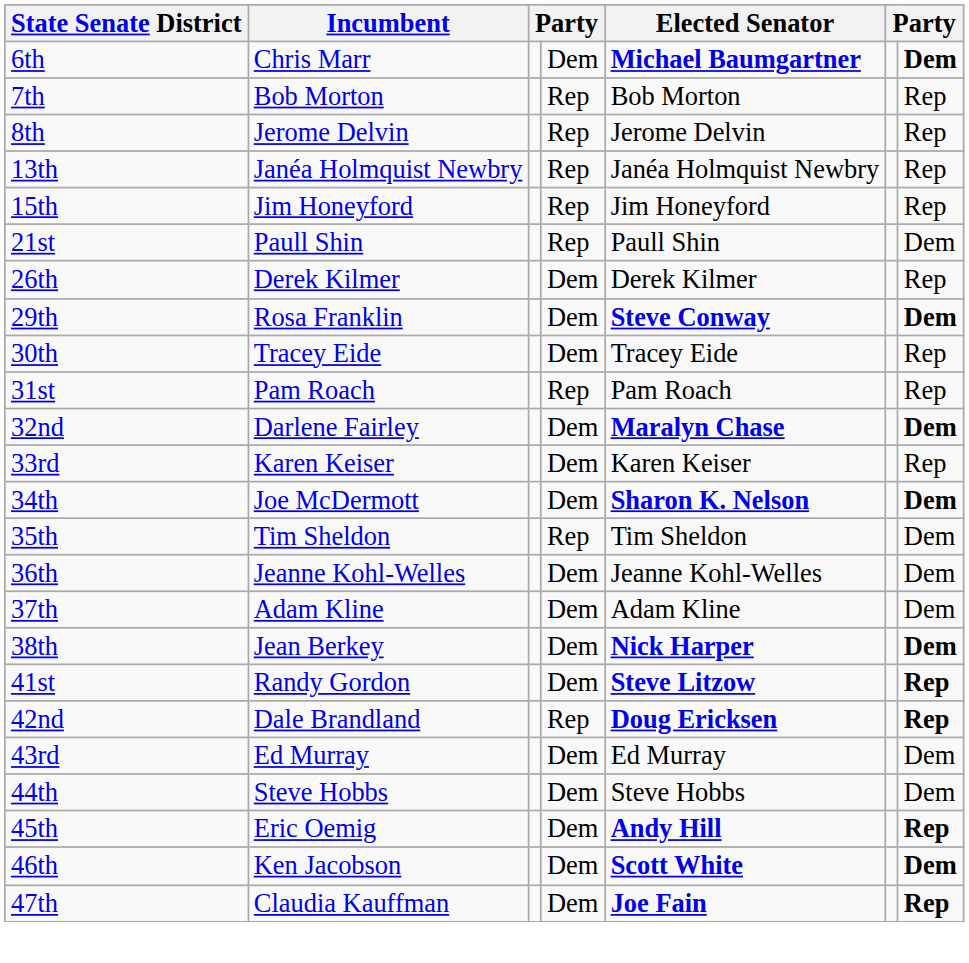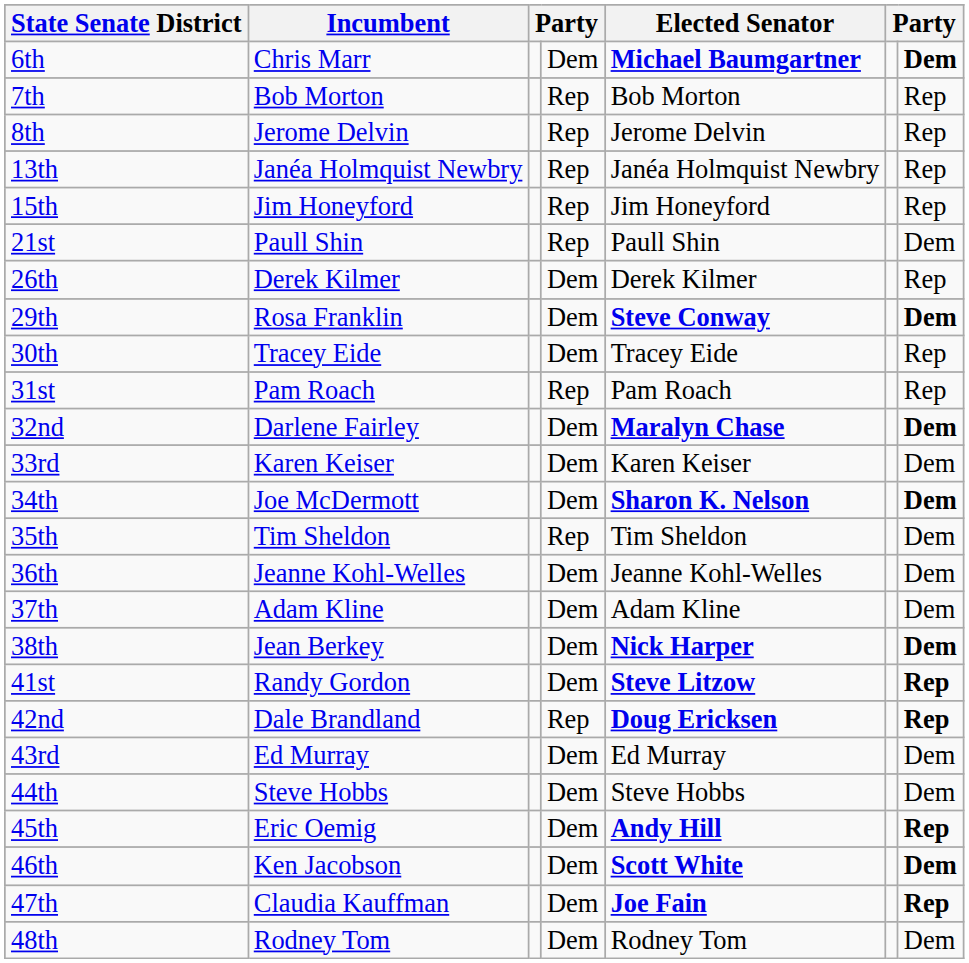 <table class="sortable wikitable" style="font-size:95%;line-height:14px;">
 <tr>
 <th colspan="1" class="unsortable"><a href='#'>State Senate</a> District</th>
 <th class="unsortable"><a href='#'>Incumbent</a></th>
 <th colspan="2">Party</th>
 <th class="unsortable">Elected Senator</th>
 <th colspan="2">Party</th>
 </tr>
 <tr>
 <td><a href='#'>6th</a></td>
 <td><a href='#'>Chris Marr</a></td>
 <td style="background:"></td>
 <td>Dem</td>
 <td><strong><a href='#'>Michael Baumgartner</a></strong></td>
 <td style="background:"></td>
 <td><strong>Dem</strong></td>
 </tr>
 <tr>
 <td><a href='#'>7th</a></td>
 <td><a href='#'>Bob Morton</a></td>
 <td style="background:"></td>
 <td>Rep</td>
 <td>Bob Morton</td>
 <td style="background:"></td>
 <td>Rep</td>
 </tr>
 <tr>
 <td><a href='#'>8th</a></td>
 <td><a href='#'>Jerome Delvin</a></td>
 <td style="background:"></td>
 <td>Rep</td>
 <td>Jerome Delvin</td>
 <td style="background:"></td>
 <td>Rep</td>
 </tr>
 <tr>
 <td><a href='#'>13th</a></td>
 <td><a href='#'>Janéa Holmquist Newbry</a></td>
 <td style="background:"></td>
 <td>Rep</td>
 <td>Janéa Holmquist Newbry</td>
 <td style="background:"></td>
 <td>Rep</td>
 </tr>
 <tr>
 <td><a href='#'>15th</a></td>
 <td><a href='#'>Jim Honeyford</a></td>
 <td style="background:"></td>
 <td>Rep</td>
 <td>Jim Honeyford</td>
 <td style="background:"></td>
 <td>Rep</td>
 </tr>
 <tr>
 <td><a href='#'>21st</a></td>
 <td><a href='#'>Paull Shin</a></td>
 <td style="background:"></td>
 <td>Rep</td>
 <td>Paull Shin</td>
 <td style="background:"></td>
 <td>Dem</td>
 </tr>
 <tr>
 <td><a href='#'>26th</a></td>
 <td><a href='#'>Derek Kilmer</a></td>
 <td style="background:"></td>
 <td>Dem</td>
 <td>Derek Kilmer</td>
 <td style="background:"></td>
 <td>Rep</td>
 </tr>
 <tr>
 <td><a href='#'>29th</a></td>
 <td><a href='#'>Rosa Franklin</a></td>
 <td style="background:"></td>
 <td>Dem</td>
 <td><strong><a href='#'>Steve Conway</a></strong></td>
 <td style="background:"></td>
 <td><strong>Dem</strong></td>
 </tr>
 <tr>
 <td><a href='#'>30th</a></td>
 <td><a href='#'>Tracey Eide</a></td>
 <td style="background:"></td>
 <td>Dem</td>
 <td>Tracey Eide</td>
 <td style="background:"></td>
 <td>Rep</td>
 </tr>
 <tr>
 <td><a href='#'>31st</a></td>
 <td><a href='#'>Pam Roach</a></td>
 <td style="background:"></td>
 <td>Rep</td>
 <td>Pam Roach</td>
 <td style="background:"></td>
 <td>Rep</td>
 </tr>
 <tr>
 <td><a href='#'>32nd</a></td>
 <td><a href='#'>Darlene Fairley</a></td>
 <td style="background:"></td>
 <td>Dem</td>
 <td><strong><a href='#'>Maralyn Chase</a></strong></td>
 <td style="background:"></td>
 <td><strong>Dem</strong></td>
 </tr>
 <tr>
 <td><a href='#'>33rd</a></td>
 <td><a href='#'>Karen Keiser</a></td>
 <td style="background:"></td>
 <td>Dem</td>
 <td>Karen Keiser</td>
 <td style="background:"></td>
-<td>Rep</td>
+<td>Dem</td>
 </tr>
 <tr>
 <td><a href='#'>34th</a></td>
 <td><a href='#'>Joe McDermott</a></td>
 <td style="background:"></td>
 <td>Dem</td>
 <td><strong><a href='#'>Sharon K. Nelson</a></strong></td>
 <td style="background:"></td>
 <td><strong>Dem</strong></td>
 </tr>
 <tr>
 <td><a href='#'>35th</a></td>
 <td><a href='#'>Tim Sheldon</a></td>
 <td style="background:"></td>
 <td>Rep</td>
 <td>Tim Sheldon</td>
 <td style="background:"></td>
 <td>Dem</td>
 </tr>
 <tr>
 <td><a href='#'>36th</a></td>
 <td><a href='#'>Jeanne Kohl-Welles</a></td>
 <td style="background:"></td>
 <td>Dem</td>
 <td>Jeanne Kohl-Welles</td>
 <td style="background:"></td>
 <td>Dem</td>
 </tr>
 <tr>
 <td><a href='#'>37th</a></td>
 <td><a href='#'>Adam Kline</a></td>
 <td style="background:"></td>
 <td>Dem</td>
 <td>Adam Kline</td>
 <td style="background:"></td>
 <td>Dem</td>
 </tr>
 <tr>
 <td><a href='#'>38th</a></td>
 <td><a href='#'>Jean Berkey</a></td>
 <td style="background:"></td>
 <td>Dem</td>
 <td><strong><a href='#'>Nick Harper</a></strong></td>
 <td style="background:"></td>
 <td><strong>Dem</strong></td>
 </tr>
 <tr>
 <td><a href='#'>41st</a></td>
 <td><a href='#'>Randy Gordon</a></td>
 <td style="background:"></td>
 <td>Dem</td>
 <td><strong><a href='#'>Steve Litzow</a></strong></td>
 <td style="background:"></td>
 <td><strong>Rep</strong></td>
 </tr>
 <tr>
 <td><a href='#'>42nd</a></td>
 <td><a href='#'>Dale Brandland</a></td>
 <td style="background:"></td>
 <td>Rep</td>
 <td><strong><a href='#'>Doug Ericksen</a></strong></td>
 <td style="background:"></td>
 <td><strong>Rep</strong></td>
 </tr>
 <tr>
 <td><a href='#'>43rd</a></td>
 <td><a href='#'>Ed Murray</a></td>
 <td style="background:"></td>
 <td>Dem</td>
 <td>Ed Murray</td>
 <td style="background:"></td>
 <td>Dem</td>
 </tr>
 <tr>
 <td><a href='#'>44th</a></td>
 <td><a href='#'>Steve Hobbs</a></td>
 <td style="background:"></td>
 <td>Dem</td>
 <td>Steve Hobbs</td>
 <td style="background:"></td>
 <td>Dem</td>
 </tr>
 <tr>
 <td><a href='#'>45th</a></td>
 <td><a href='#'>Eric Oemig</a></td>
 <td style="background:"></td>
 <td>Dem</td>
 <td><strong><a href='#'>Andy Hill</a></strong></td>
 <td style="background:"></td>
 <td><strong>Rep</strong></td>
 </tr>
 <tr>
 <td><a href='#'>46th</a></td>
 <td><a href='#'>Ken Jacobson</a></td>
 <td style="background:"></td>
 <td>Dem</td>
 <td><strong><a href='#'>Scott White</a></strong></td>
 <td style="background:"></td>
 <td><strong>Dem</strong></td>
 </tr>
 <tr>
 <td><a href='#'>47th</a></td>
 <td><a href='#'>Claudia Kauffman</a></td>
 <td style="background:"></td>
 <td>Dem</td>
 <td><strong><a href='#'>Joe Fain</a></strong></td>
 <td style="background:"></td>
 <td><strong>Rep</strong></td>
 </tr>
+<tr>
+<td><a href='#'>48th</a></td>
+<td><a href='#'>Rodney Tom</a></td>
+<td style="background:"></td>
+<td>Dem</td>
+<td>Rodney Tom</td>
+<td style="background:"></td>
+<td>Dem</td>
+</tr>
 </table>
